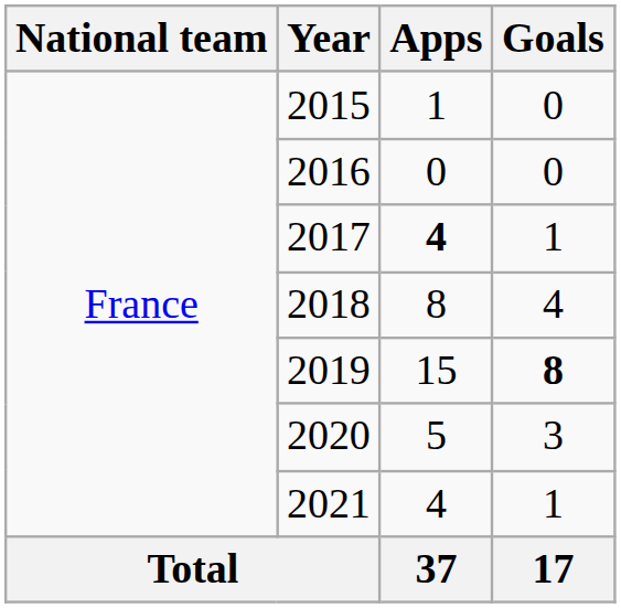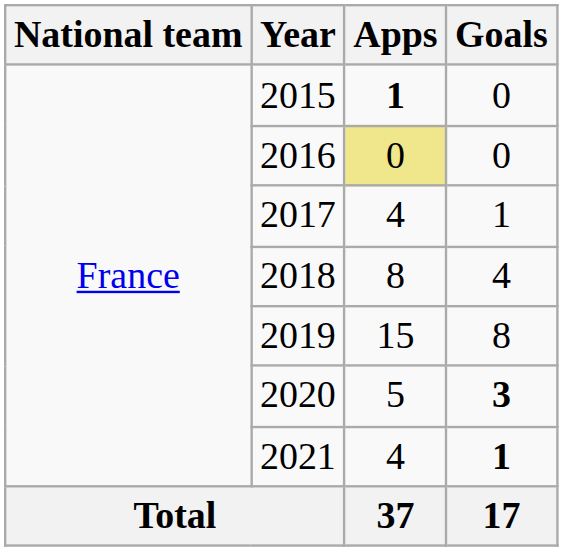 <table class="wikitable" style="text-align:center">
 <tr>
 <th>National team</th>
 <th>Year</th>
 <th>Apps</th>
 <th>Goals</th>
 </tr>
 <tr>
 <td rowspan=7><a href='#'>France</a></td>
 <td>2015</td>
-<td>1</td>
+<td><strong>1</strong></td>
 <td>0</td>
 </tr>
 <tr>
 <td>2016</td>
-<td>0</td>
+<td style="background: khaki;">0</td>
 <td>0</td>
 </tr>
 <tr>
 <td>2017</td>
-<td><strong>4</strong></td>
+<td>4</td>
 <td>1</td>
 </tr>
 <tr>
 <td>2018</td>
 <td>8</td>
 <td>4</td>
 </tr>
 <tr>
 <td>2019</td>
 <td>15</td>
-<td><strong>8</strong></td>
+<td>8</td>
 </tr>
 <tr>
 <td>2020</td>
 <td>5</td>
-<td>3</td>
+<td><strong>3</strong></td>
 </tr>
 <tr>
 <td>2021</td>
 <td>4</td>
-<td>1</td>
+<td><strong>1</strong></td>
 </tr>
 <tr>
 <th colspan=2>Total</th>
 <th>37</th>
 <th>17</th>
 </tr>
 </table>
